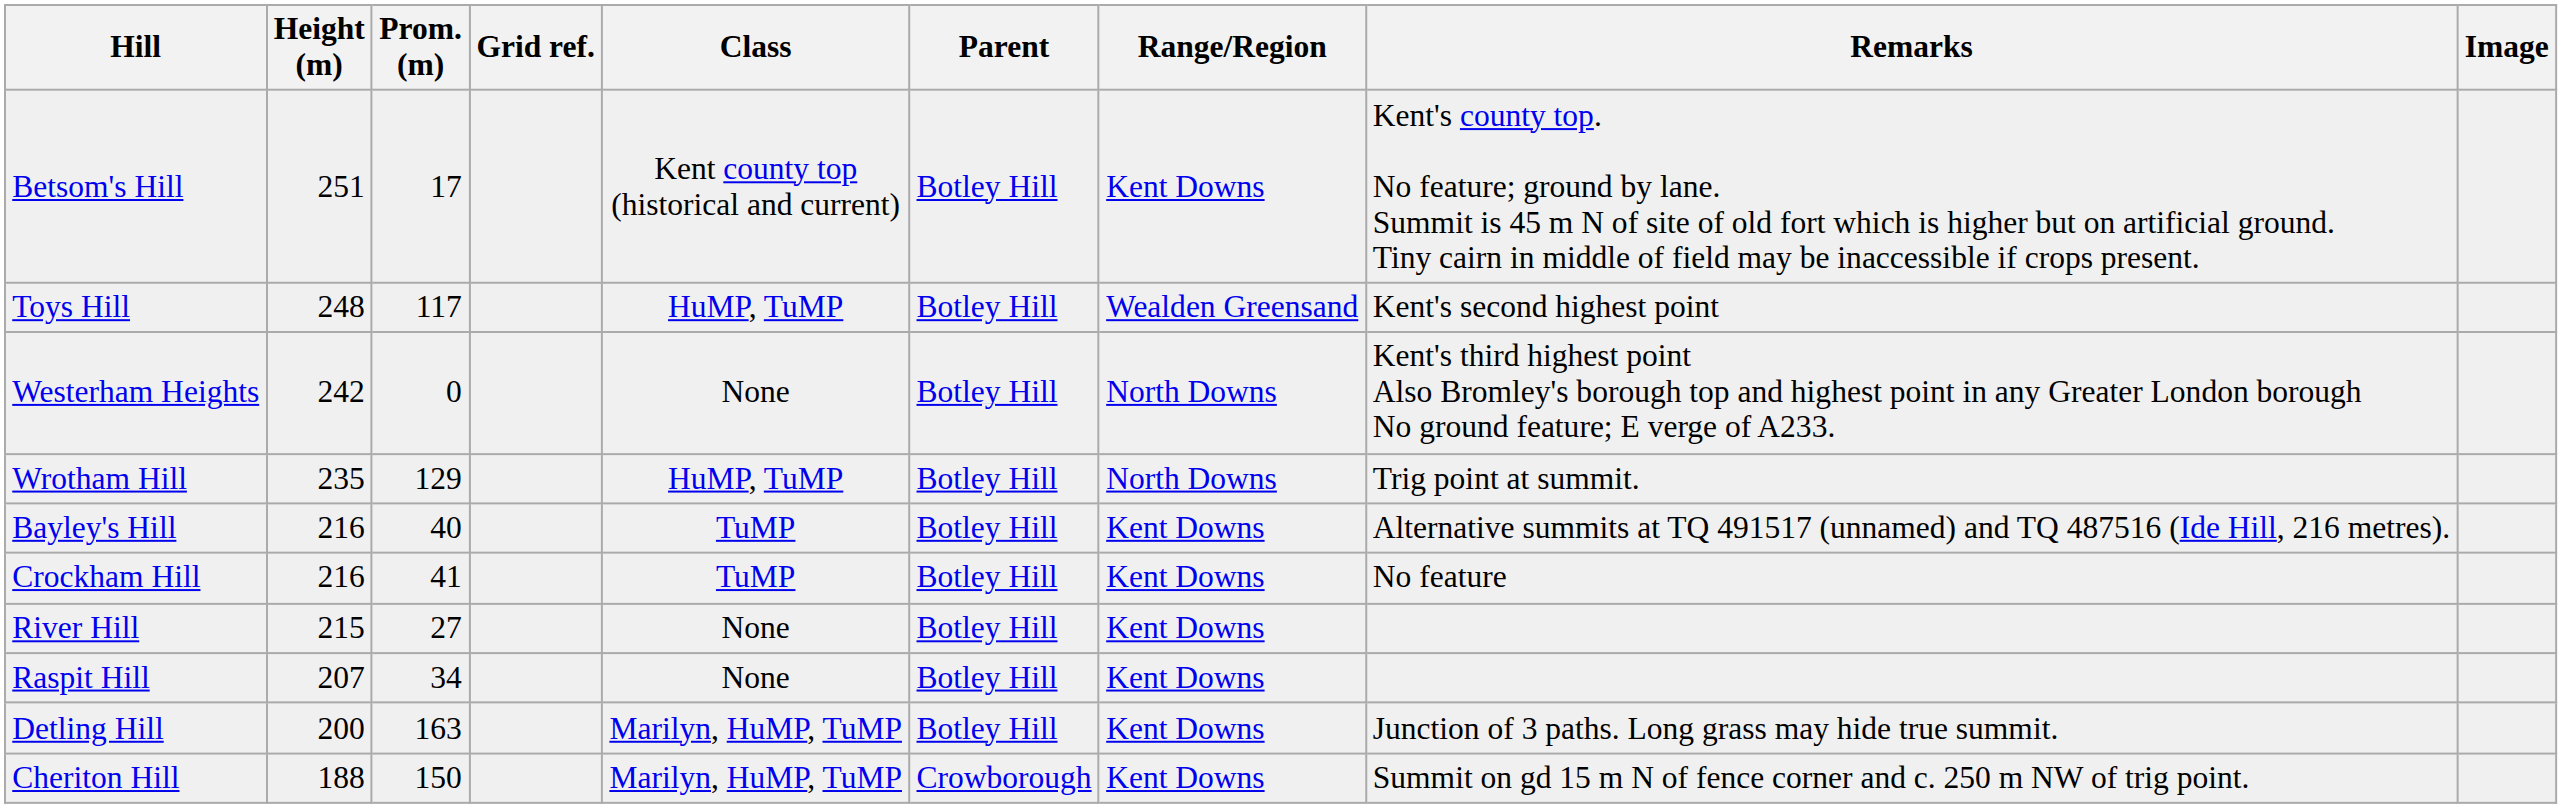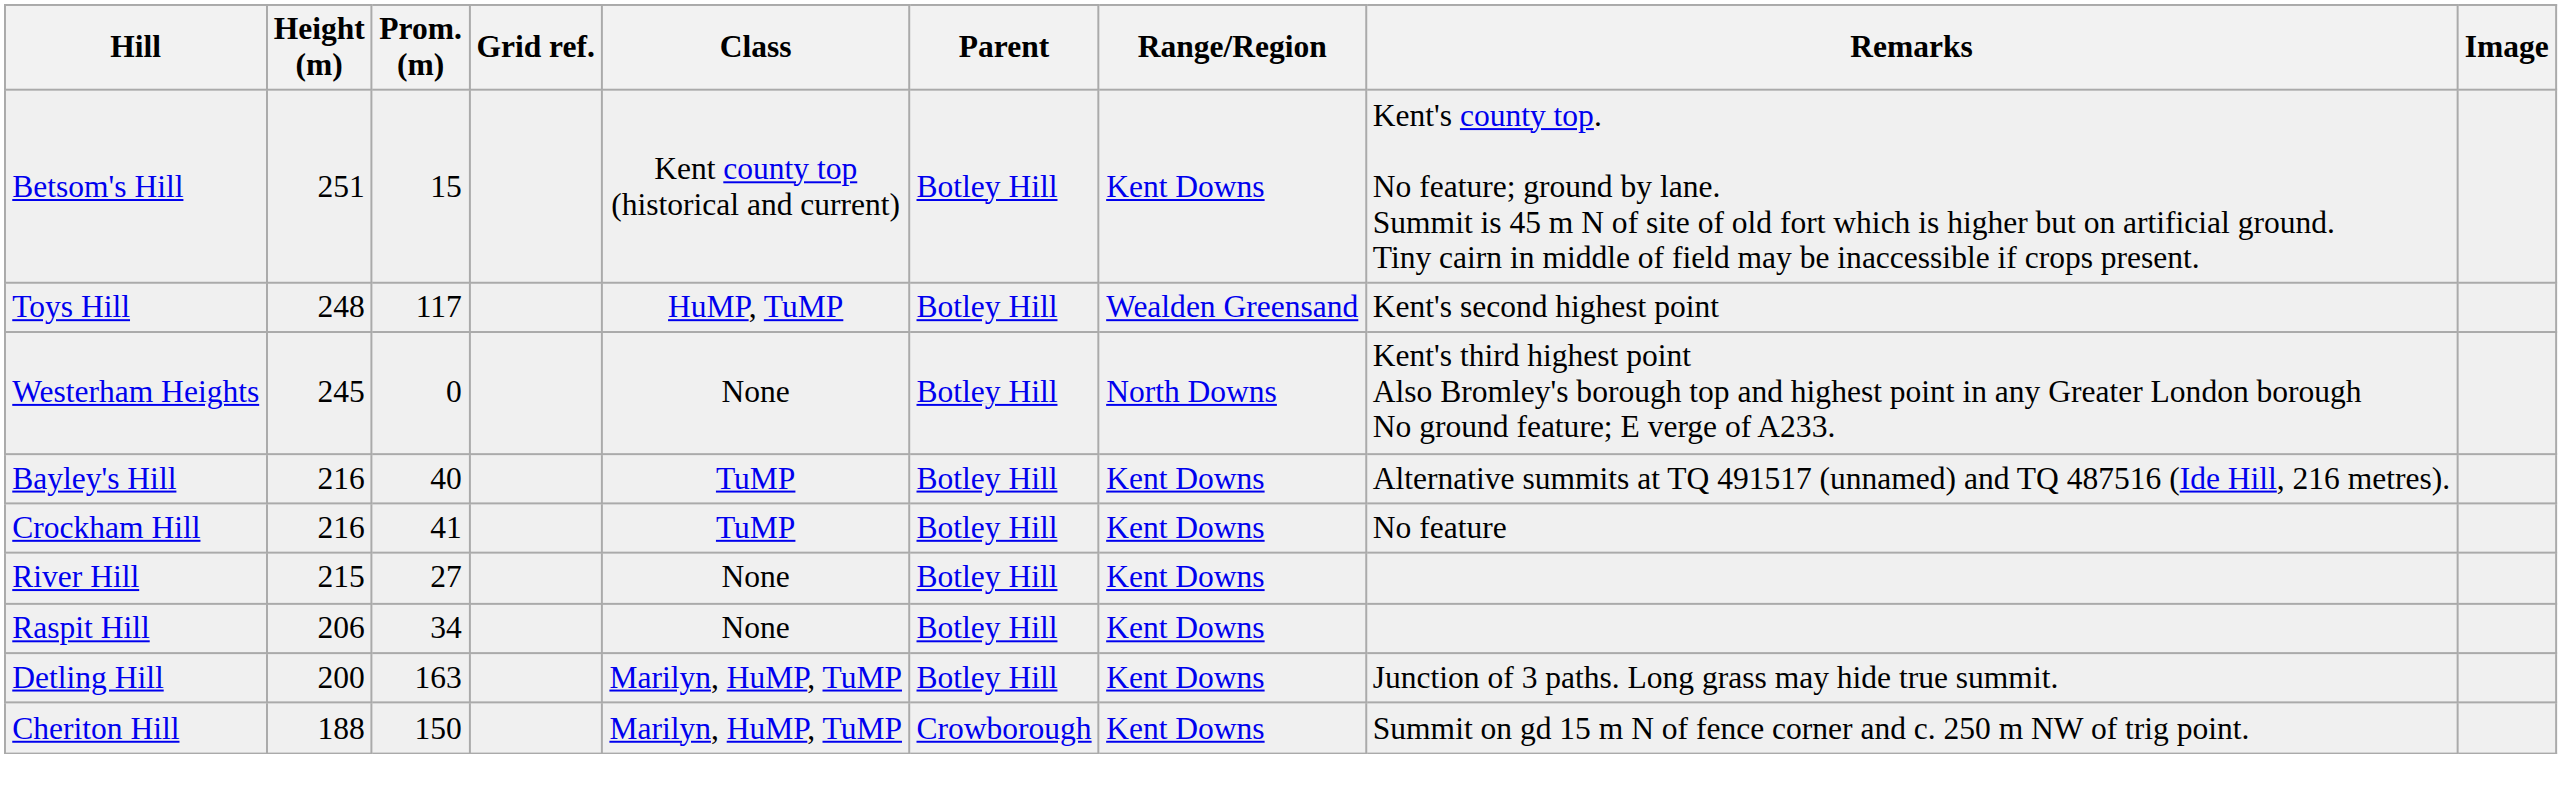 <table class="wikitable sortable" style="border-collapse: collapse; background:#f0f0f0;":#f0f0f0;">
 <tr>
 <th>Hill</th>
 <th>Height<br>(m)</th>
 <th>Prom.<br>(m)</th>
 <th>Grid ref.</th>
 <th>Class</th>
 <th>Parent</th>
 <th>Range/Region</th>
 <th class="unsortable">Remarks</th>
 <th class="unsortable">Image</th>
 </tr>
 <tr>
 <td><a href='#'>Betsom's Hill</a></td>
 <td align=right>251</td>
-<td align=right>17</td>
+<td align=right>15</td>
 <td></td>
 <td align=center>Kent <a href='#'>county top</a><br>(historical and current)</td>
 <td><a href='#'>Botley Hill</a></td>
 <td><a href='#'>Kent Downs</a></td>
 <td>Kent's <a href='#'>county top</a>.<br><br>No feature; ground by lane.<br> Summit is 45 m N of site of old fort which is higher but on artificial ground.<br> Tiny cairn in middle of field may be inaccessible if crops present.</td>
 <td></td>
 </tr>
 <tr>
 <td><a href='#'>Toys Hill</a></td>
 <td align=right>248</td>
 <td align=right>117</td>
 <td></td>
 <td align=center><a href='#'>HuMP</a>, <a href='#'>TuMP</a></td>
 <td><a href='#'>Botley Hill</a></td>
 <td><a href='#'>Wealden Greensand</a></td>
 <td>Kent's second highest point<br></td>
 <td></td>
 </tr>
 <tr>
 <td><a href='#'>Westerham Heights</a></td>
-<td align=right>242</td>
+<td align=right>245</td>
 <td align=right>0</td>
 <td></td>
 <td align=center>None</td>
 <td><a href='#'>Botley Hill</a></td>
 <td><a href='#'>North Downs</a></td>
 <td>Kent's third highest point<br>Also Bromley's borough top and highest point in any Greater London borough<br>No ground feature; E verge of A233.</td>
-<td></td>
-</tr>
-<tr>
-<td><a href='#'>Wrotham Hill</a></td>
-<td align=right>235</td>
-<td align=right>129</td>
-<td></td>
-<td align=center><a href='#'>HuMP</a>, <a href='#'>TuMP</a></td>
-<td><a href='#'>Botley Hill</a></td>
-<td><a href='#'>North Downs</a></td>
-<td>Trig point at summit.</td>
 <td></td>
 </tr>
 <tr>
 <td><a href='#'>Bayley's Hill</a></td>
 <td align=right>216</td>
 <td align=right>40</td>
 <td></td>
 <td align=center><a href='#'>TuMP</a></td>
 <td><a href='#'>Botley Hill</a></td>
 <td><a href='#'>Kent Downs</a></td>
 <td>Alternative summits at TQ 491517 (unnamed) and TQ 487516 (<a href='#'>Ide Hill</a>, 216 metres).</td>
 <td></td>
 </tr>
 <tr>
 <td><a href='#'>Crockham Hill</a></td>
 <td align=right>216</td>
 <td align=right>41</td>
 <td></td>
 <td align=center><a href='#'>TuMP</a></td>
 <td><a href='#'>Botley Hill</a></td>
 <td><a href='#'>Kent Downs</a></td>
 <td>No feature</td>
 <td></td>
 </tr>
 <tr>
 <td><a href='#'>River Hill</a></td>
 <td align=right>215</td>
 <td align=right>27</td>
 <td></td>
 <td align=center>None</td>
 <td><a href='#'>Botley Hill</a></td>
 <td><a href='#'>Kent Downs</a></td>
 <td></td>
 <td></td>
 </tr>
 <tr>
 <td><a href='#'>Raspit Hill</a></td>
-<td align=right>207</td>
+<td align=right>206</td>
 <td align=right>34</td>
 <td></td>
 <td align=center>None</td>
 <td><a href='#'>Botley Hill</a></td>
 <td><a href='#'>Kent Downs</a></td>
 <td></td>
 <td></td>
 </tr>
 <tr>
 <td><a href='#'>Detling Hill</a></td>
 <td align=right>200</td>
 <td align=right>163</td>
 <td></td>
 <td align=center><a href='#'>Marilyn</a>, <a href='#'>HuMP</a>, <a href='#'>TuMP</a></td>
 <td><a href='#'>Botley Hill</a></td>
 <td><a href='#'>Kent Downs</a></td>
 <td>Junction of 3 paths. Long grass may hide true summit.</td>
 <td></td>
 </tr>
 <tr>
 <td><a href='#'>Cheriton Hill</a></td>
 <td align=right>188</td>
 <td align=right>150</td>
 <td></td>
 <td align=center><a href='#'>Marilyn</a>, <a href='#'>HuMP</a>, <a href='#'>TuMP</a></td>
 <td><a href='#'>Crowborough</a></td>
 <td><a href='#'>Kent Downs</a></td>
 <td>Summit on gd 15 m N of fence corner and c. 250 m NW of trig point.</td>
 <td></td>
 </tr>
 </table>
